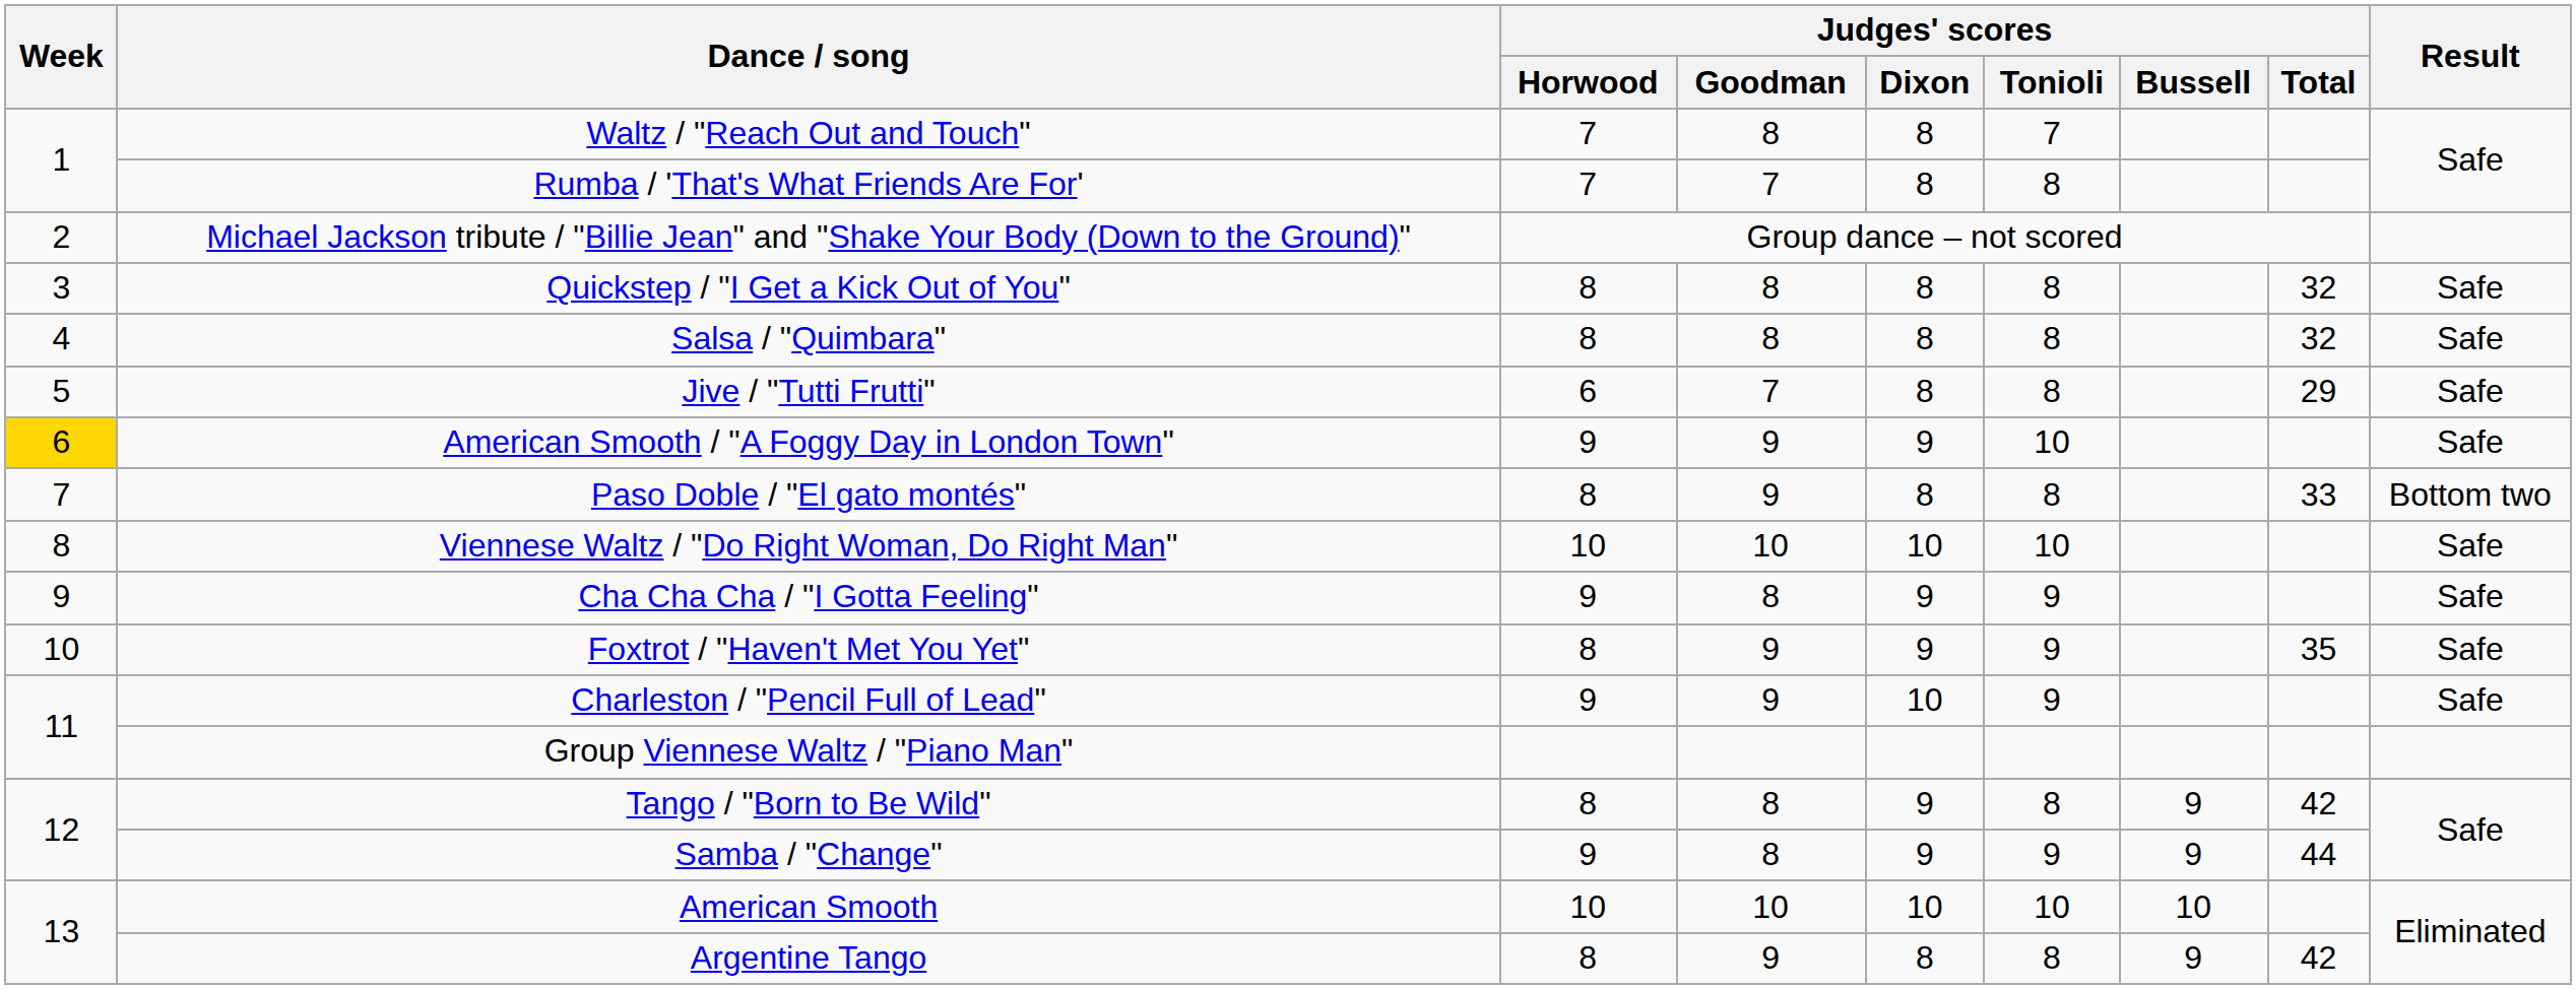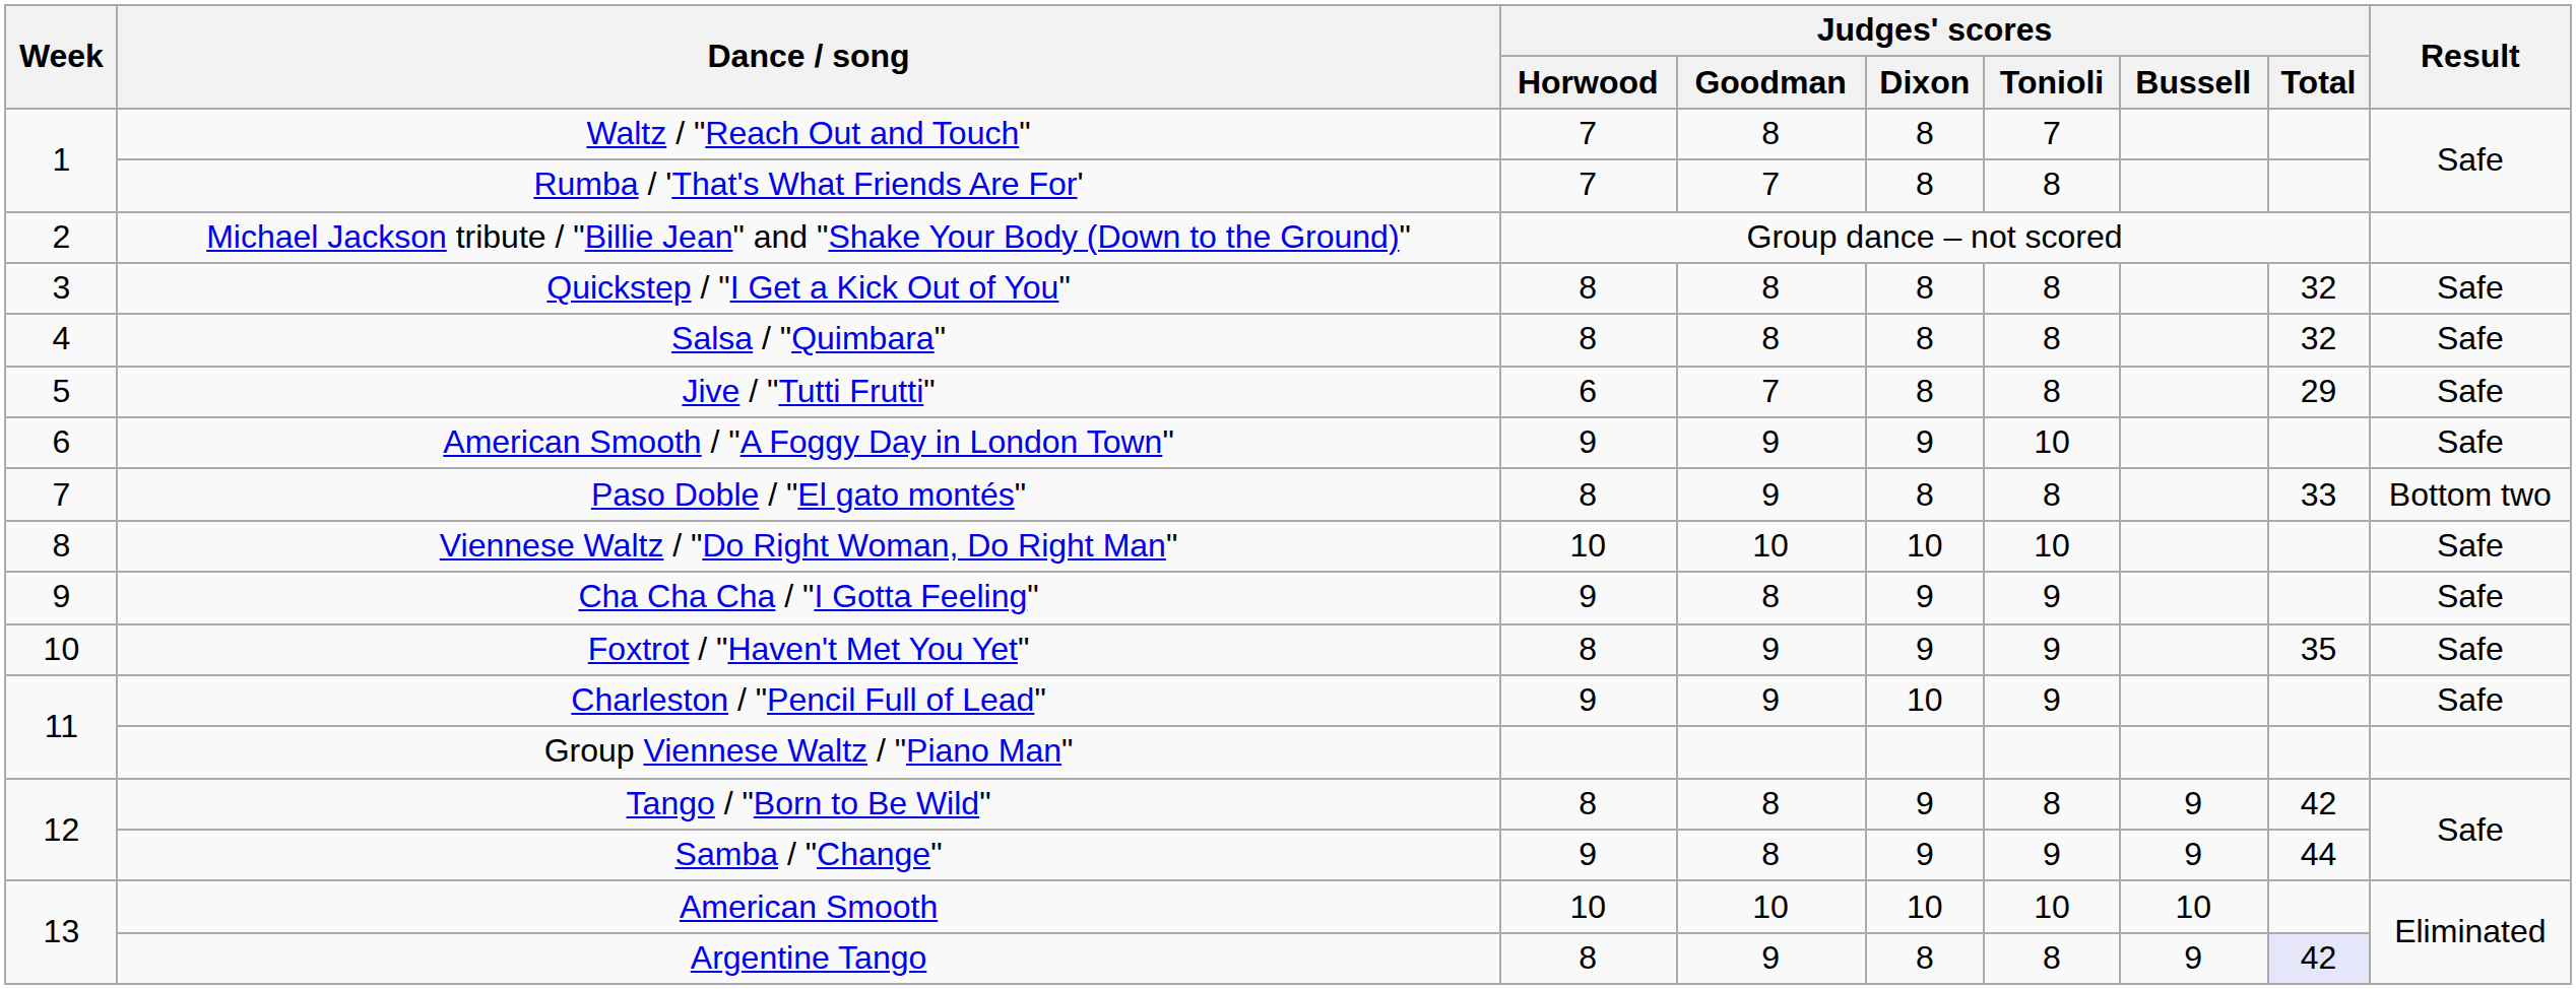 <table class="wikitable" style="text-align: center; width: 100%;">
 <tr>
 <th rowspan="2">Week</th>
 <th rowspan="2">Dance / song</th>
 <th colspan="6">Judges' scores</th>
 <th rowspan="2">Result</th>
 </tr>
 <tr>
 <th>Horwood</th>
 <th>Goodman</th>
 <th>Dixon</th>
 <th>Tonioli</th>
 <th>Bussell</th>
 <th>Total</th>
 </tr>
 <tr>
 <td rowspan="2">1</td>
 <td><a href='#'>Waltz</a> / "<a href='#'>Reach Out and Touch</a>"</td>
 <td>7</td>
 <td>8</td>
 <td>8</td>
 <td>7</td>
 <td></td>
 <td></td>
 <td rowspan="2">Safe</td>
 </tr>
 <tr>
 <td><a href='#'>Rumba</a> / '<a href='#'>That's What Friends Are For</a>'</td>
 <td>7</td>
 <td>7</td>
 <td>8</td>
 <td>8</td>
 <td></td>
 <td></td>
 </tr>
 <tr>
 <td>2</td>
 <td><a href='#'>Michael Jackson</a> tribute / "<a href='#'>Billie Jean</a>" and "<a href='#'>Shake Your Body (Down to the Ground)</a>"</td>
 <td colspan="6">Group dance – not scored</td>
 <td></td>
 </tr>
 <tr>
 <td>3</td>
 <td><a href='#'>Quickstep</a> / "<a href='#'>I Get a Kick Out of You</a>"</td>
 <td>8</td>
 <td>8</td>
 <td>8</td>
 <td>8</td>
 <td></td>
 <td>32</td>
 <td>Safe</td>
 </tr>
 <tr>
 <td>4</td>
 <td><a href='#'>Salsa</a> / "<a href='#'>Quimbara</a>"</td>
 <td>8</td>
 <td>8</td>
 <td>8</td>
 <td>8</td>
 <td></td>
 <td>32</td>
 <td>Safe</td>
 </tr>
 <tr>
 <td>5</td>
 <td><a href='#'>Jive</a> / "<a href='#'>Tutti Frutti</a>"</td>
 <td>6</td>
 <td>7</td>
 <td>8</td>
 <td>8</td>
 <td></td>
 <td>29</td>
 <td>Safe</td>
 </tr>
 <tr>
-<td style="background: gold;">6</td>
+<td>6</td>
 <td><a href='#'>American Smooth</a> / "<a href='#'>A Foggy Day in London Town</a>"</td>
 <td>9</td>
 <td>9</td>
 <td>9</td>
 <td>10</td>
 <td></td>
 <td></td>
 <td>Safe</td>
 </tr>
 <tr>
 <td>7</td>
 <td><a href='#'>Paso Doble</a> / "<a href='#'>El gato montés</a>"</td>
 <td>8</td>
 <td>9</td>
 <td>8</td>
 <td>8</td>
 <td></td>
 <td>33</td>
 <td>Bottom two</td>
 </tr>
 <tr>
 <td>8</td>
 <td><a href='#'>Viennese Waltz</a> / "<a href='#'>Do Right Woman, Do Right Man</a>"</td>
 <td>10</td>
 <td>10</td>
 <td>10</td>
 <td>10</td>
 <td></td>
 <td></td>
 <td>Safe</td>
 </tr>
 <tr>
 <td>9</td>
 <td><a href='#'>Cha Cha Cha</a> / "<a href='#'>I Gotta Feeling</a>"</td>
 <td>9</td>
 <td>8</td>
 <td>9</td>
 <td>9</td>
 <td></td>
 <td></td>
 <td>Safe</td>
 </tr>
 <tr>
 <td>10</td>
 <td><a href='#'>Foxtrot</a> / "<a href='#'>Haven't Met You Yet</a>"</td>
 <td>8</td>
 <td>9</td>
 <td>9</td>
 <td>9</td>
 <td></td>
 <td>35</td>
 <td>Safe</td>
 </tr>
 <tr>
 <td rowspan="2">11</td>
 <td><a href='#'>Charleston</a> / "<a href='#'>Pencil Full of Lead</a>"</td>
 <td>9</td>
 <td>9</td>
 <td>10</td>
 <td>9</td>
 <td></td>
 <td></td>
 <td>Safe</td>
 </tr>
 <tr>
 <td>Group <a href='#'>Viennese Waltz</a> / "<a href='#'>Piano Man</a>"</td>
 <td></td>
 <td></td>
 <td></td>
 <td></td>
 <td></td>
 <td></td>
 <td></td>
 </tr>
 <tr>
 <td rowspan="2">12</td>
 <td><a href='#'>Tango</a> / "<a href='#'>Born to Be Wild</a>"</td>
 <td>8</td>
 <td>8</td>
 <td>9</td>
 <td>8</td>
 <td>9</td>
 <td>42</td>
 <td rowspan="2">Safe</td>
 </tr>
 <tr>
 <td><a href='#'>Samba</a> / "<a href='#'>Change</a>"</td>
 <td>9</td>
 <td>8</td>
 <td>9</td>
 <td>9</td>
 <td>9</td>
 <td>44</td>
 </tr>
 <tr>
 <td rowspan="2">13</td>
 <td><a href='#'>American Smooth</a></td>
 <td>10</td>
 <td>10</td>
 <td>10</td>
 <td>10</td>
 <td>10</td>
 <td></td>
 <td rowspan="2">Eliminated</td>
 </tr>
 <tr>
 <td><a href='#'>Argentine Tango</a></td>
 <td>8</td>
 <td>9</td>
 <td>8</td>
 <td>8</td>
 <td>9</td>
-<td>42</td>
+<td style="background: lavender;">42</td>
 </tr>
 </table>
